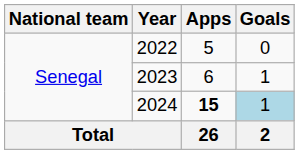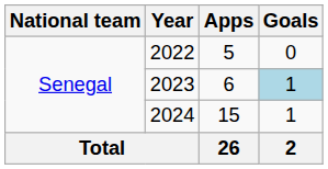 <table class="wikitable" style="text-align: center;">
 <tr>
 <th>National team</th>
 <th>Year</th>
 <th>Apps</th>
 <th>Goals</th>
 </tr>
 <tr>
 <td rowspan="3"><a href='#'>Senegal</a></td>
 <td>2022</td>
 <td>5</td>
 <td>0</td>
 </tr>
 <tr>
 <td>2023</td>
 <td>6</td>
-<td>1</td>
+<td style="background: lightblue;">1</td>
 </tr>
 <tr>
 <td>2024</td>
-<td><strong>15</strong></td>
-<td style="background: lightblue;">1</td>
+<td>15</td>
+<td>1</td>
 </tr>
 <tr>
 <th colspan="2">Total</th>
 <th>26</th>
 <th>2</th>
 </tr>
 </table>
